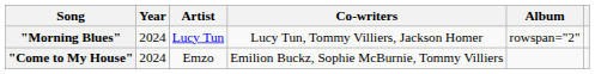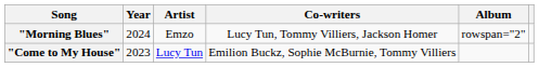 <table class="wikitable plainrowheaders" style="text-align:center;">
 <tr>
 <th scope="col">Song</th>
 <th scope="col">Year</th>
 <th scope="col">Artist</th>
 <th scope="col">Co-writers</th>
 <th scope="col">Album</th>
 <th scope="col"></th>
 </tr>
 <tr>
 <th scope="row">"Morning Blues"</th>
 <td>2024</td>
-<td><a href='#'>Lucy Tun</a></td>
+<td>Emzo</td>
 <td>Lucy Tun, Tommy Villiers, Jackson Homer</td>
 <td>rowspan="2" </td>
 <td></td>
 </tr>
 <tr>
 <th scope="row">"Come to My House" </th>
-<td>2024</td>
-<td>Emzo</td>
+<td>2023</td>
+<td><a href='#'>Lucy Tun</a></td>
 <td>Emilion Buckz, Sophie McBurnie, Tommy Villiers</td>
 <td></td>
 </tr>
 </table>
